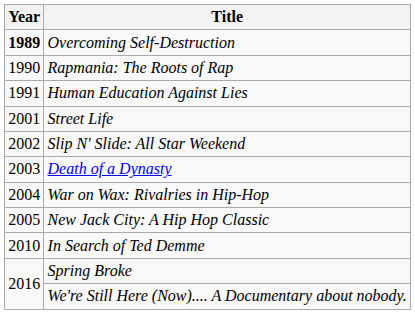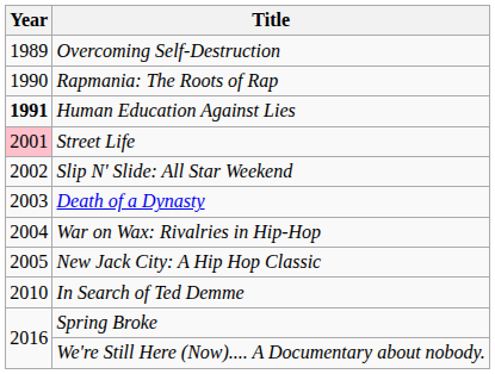 <table class="wikitable sortable">
 <tr>
 <th>Year</th>
 <th>Title</th>
 </tr>
 <tr>
-<td><strong>1989</strong></td>
+<td>1989</td>
 <td><em>Overcoming Self-Destruction</em></td>
 </tr>
 <tr>
 <td>1990</td>
 <td><em>Rapmania: The Roots of Rap</em></td>
 </tr>
 <tr>
-<td>1991</td>
+<td><strong>1991</strong></td>
 <td><em>Human Education Against Lies</em></td>
 </tr>
 <tr>
-<td>2001</td>
+<td style="background: pink;">2001</td>
 <td><em>Street Life</em></td>
 </tr>
 <tr>
 <td>2002</td>
 <td><em>Slip N' Slide: All Star Weekend</em></td>
 </tr>
 <tr>
 <td>2003</td>
 <td><em><a href='#'>Death of a Dynasty</a></em></td>
 </tr>
 <tr>
 <td>2004</td>
 <td><em>War on Wax: Rivalries in Hip-Hop</em></td>
 </tr>
 <tr>
 <td>2005</td>
 <td><em>New Jack City: A Hip Hop Classic</em></td>
 </tr>
 <tr>
 <td>2010</td>
 <td><em>In Search of Ted Demme</em></td>
 </tr>
 <tr>
 <td rowspan=2>2016</td>
 <td><em>Spring Broke</em></td>
 </tr>
 <tr>
 <td><em>We're Still Here (Now).... A Documentary about nobody.</em></td>
 </tr>
 </table>
